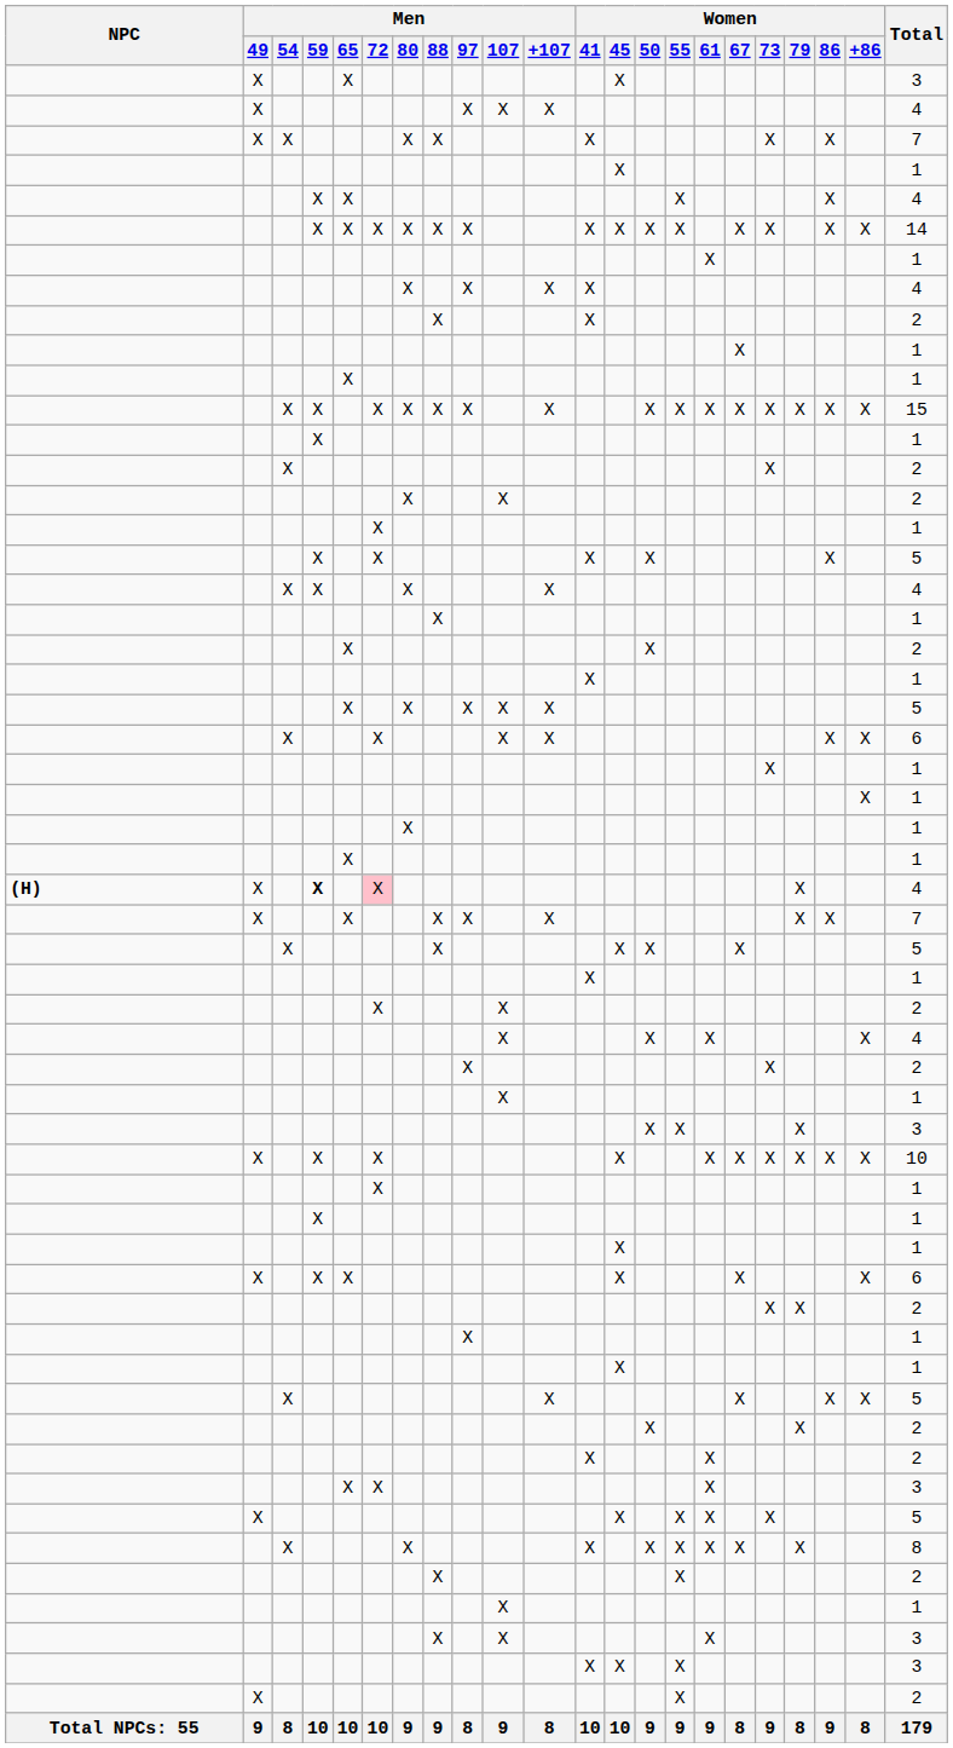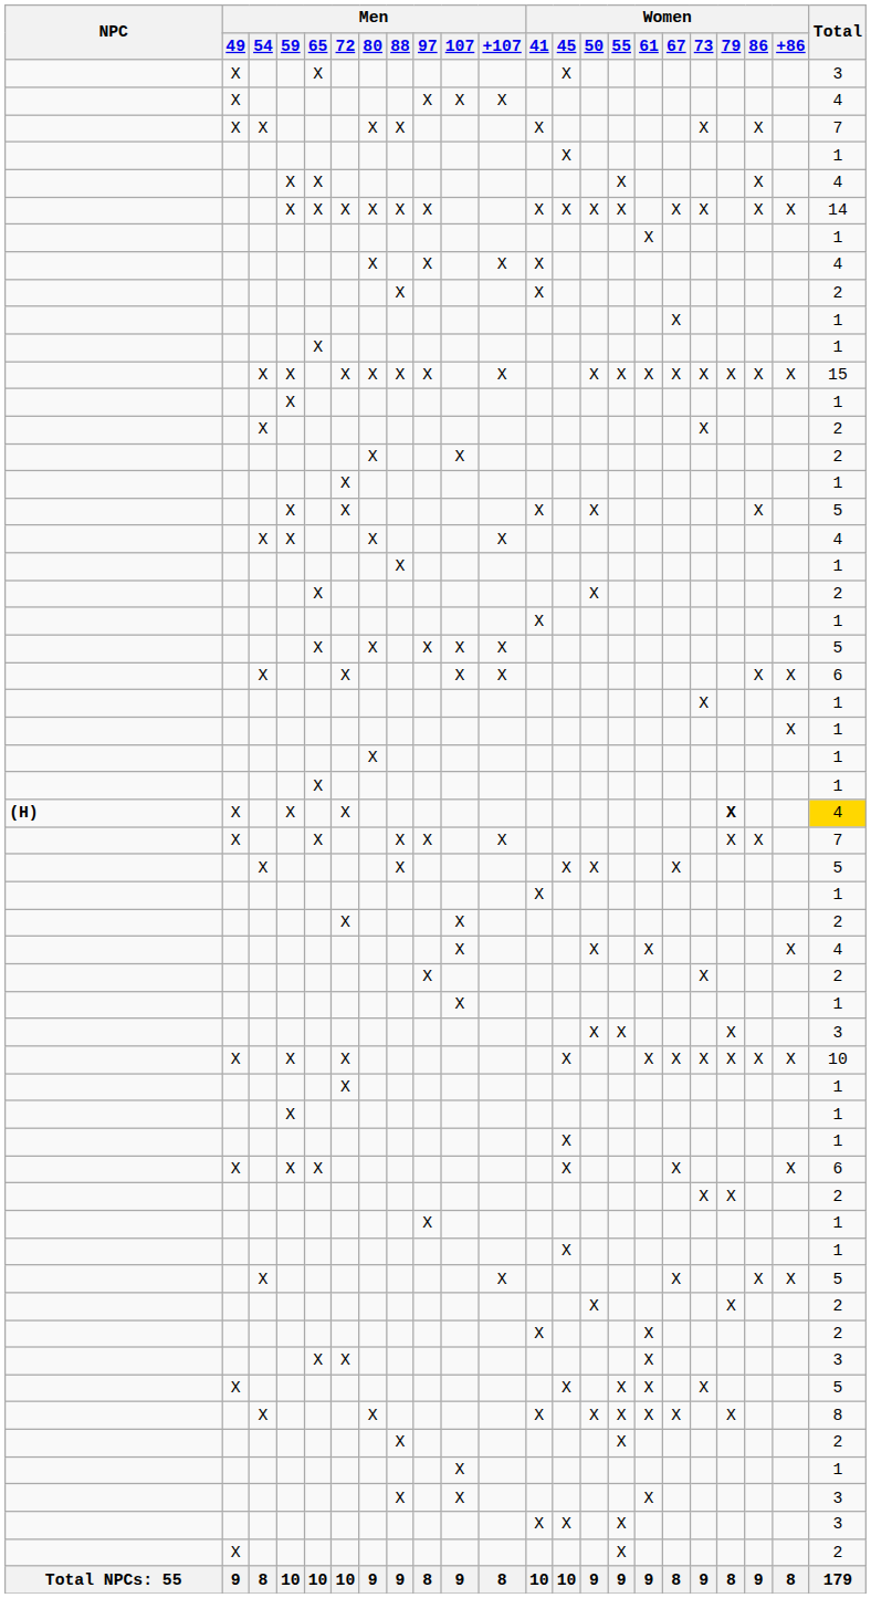 <table class="sortable wikitable" style="font-size:90%; text-align:center">
 <tr>
 <th rowspan="2" width="150">NPC</th>
 <th colspan="10">Men</th>
 <th colspan="10">Women</th>
 <th rowspan="2">Total</th>
 </tr>
 <tr>
 <th><a href='#'>49</a></th>
 <th><a href='#'>54</a></th>
 <th><a href='#'>59</a></th>
 <th><a href='#'>65</a></th>
 <th><a href='#'>72</a></th>
 <th><a href='#'>80</a></th>
 <th><a href='#'>88</a></th>
 <th><a href='#'>97</a></th>
 <th><a href='#'>107</a></th>
 <th><a href='#'>+107</a></th>
 <th><a href='#'>41</a></th>
 <th><a href='#'>45</a></th>
 <th><a href='#'>50</a></th>
 <th><a href='#'>55</a></th>
 <th><a href='#'>61</a></th>
 <th><a href='#'>67</a></th>
 <th><a href='#'>73</a></th>
 <th><a href='#'>79</a></th>
 <th><a href='#'>86</a></th>
 <th><a href='#'>+86</a></th>
 </tr>
 <tr>
 <td align="left"></td>
 <td>X</td>
 <td></td>
 <td></td>
 <td>X</td>
 <td></td>
 <td></td>
 <td></td>
 <td></td>
 <td></td>
 <td></td>
 <td></td>
 <td>X</td>
 <td></td>
 <td></td>
 <td></td>
 <td></td>
 <td></td>
 <td></td>
 <td></td>
 <td></td>
 <td>3</td>
 </tr>
 <tr>
 <td align="left"></td>
 <td>X</td>
 <td></td>
 <td></td>
 <td></td>
 <td></td>
 <td></td>
 <td></td>
 <td>X</td>
 <td>X</td>
 <td>X</td>
 <td></td>
 <td></td>
 <td></td>
 <td></td>
 <td></td>
 <td></td>
 <td></td>
 <td></td>
 <td></td>
 <td></td>
 <td>4</td>
 </tr>
 <tr>
 <td align="left"></td>
 <td>X</td>
 <td>X</td>
 <td></td>
 <td></td>
 <td></td>
 <td>X</td>
 <td>X</td>
 <td></td>
 <td></td>
 <td></td>
 <td>X</td>
 <td></td>
 <td></td>
 <td></td>
 <td></td>
 <td></td>
 <td>X</td>
 <td></td>
 <td>X</td>
 <td></td>
 <td>7</td>
 </tr>
 <tr>
 <td align="left"></td>
 <td></td>
 <td></td>
 <td></td>
 <td></td>
 <td></td>
 <td></td>
 <td></td>
 <td></td>
 <td></td>
 <td></td>
 <td></td>
 <td>X</td>
 <td></td>
 <td></td>
 <td></td>
 <td></td>
 <td></td>
 <td></td>
 <td></td>
 <td></td>
 <td>1</td>
 </tr>
 <tr>
 <td align="left"></td>
 <td></td>
 <td></td>
 <td>X</td>
 <td>X</td>
 <td></td>
 <td></td>
 <td></td>
 <td></td>
 <td></td>
 <td></td>
 <td></td>
 <td></td>
 <td></td>
 <td>X</td>
 <td></td>
 <td></td>
 <td></td>
 <td></td>
 <td>X</td>
 <td></td>
 <td>4</td>
 </tr>
 <tr>
 <td align="left"></td>
 <td></td>
 <td></td>
 <td>X</td>
 <td>X</td>
 <td>X</td>
 <td>X</td>
 <td>X</td>
 <td>X</td>
 <td></td>
 <td></td>
 <td>X</td>
 <td>X</td>
 <td>X</td>
 <td>X</td>
 <td></td>
 <td>X</td>
 <td>X</td>
 <td></td>
 <td>X</td>
 <td>X</td>
 <td>14</td>
 </tr>
 <tr>
 <td align="left"></td>
 <td></td>
 <td></td>
 <td></td>
 <td></td>
 <td></td>
 <td></td>
 <td></td>
 <td></td>
 <td></td>
 <td></td>
 <td></td>
 <td></td>
 <td></td>
 <td></td>
 <td>X</td>
 <td></td>
 <td></td>
 <td></td>
 <td></td>
 <td></td>
 <td>1</td>
 </tr>
 <tr>
 <td align="left"></td>
 <td></td>
 <td></td>
 <td></td>
 <td></td>
 <td></td>
 <td>X</td>
 <td></td>
 <td>X</td>
 <td></td>
 <td>X</td>
 <td>X</td>
 <td></td>
 <td></td>
 <td></td>
 <td></td>
 <td></td>
 <td></td>
 <td></td>
 <td></td>
 <td></td>
 <td>4</td>
 </tr>
 <tr>
 <td align="left"></td>
 <td></td>
 <td></td>
 <td></td>
 <td></td>
 <td></td>
 <td></td>
 <td>X</td>
 <td></td>
 <td></td>
 <td></td>
 <td>X</td>
 <td></td>
 <td></td>
 <td></td>
 <td></td>
 <td></td>
 <td></td>
 <td></td>
 <td></td>
 <td></td>
 <td>2</td>
 </tr>
 <tr>
 <td align="left"></td>
 <td></td>
 <td></td>
 <td></td>
 <td></td>
 <td></td>
 <td></td>
 <td></td>
 <td></td>
 <td></td>
 <td></td>
 <td></td>
 <td></td>
 <td></td>
 <td></td>
 <td></td>
 <td>X</td>
 <td></td>
 <td></td>
 <td></td>
 <td></td>
 <td>1</td>
 </tr>
 <tr>
 <td align="left"></td>
 <td></td>
 <td></td>
 <td></td>
 <td>X</td>
 <td></td>
 <td></td>
 <td></td>
 <td></td>
 <td></td>
 <td></td>
 <td></td>
 <td></td>
 <td></td>
 <td></td>
 <td></td>
 <td></td>
 <td></td>
 <td></td>
 <td></td>
 <td></td>
 <td>1</td>
 </tr>
 <tr>
 <td align="left"></td>
 <td></td>
 <td>X</td>
 <td>X</td>
 <td></td>
 <td>X</td>
 <td>X</td>
 <td>X</td>
 <td>X</td>
 <td></td>
 <td>X</td>
 <td></td>
 <td></td>
 <td>X</td>
 <td>X</td>
 <td>X</td>
 <td>X</td>
 <td>X</td>
 <td>X</td>
 <td>X</td>
 <td>X</td>
 <td>15</td>
 </tr>
 <tr>
 <td align="left"></td>
 <td></td>
 <td></td>
 <td>X</td>
 <td></td>
 <td></td>
 <td></td>
 <td></td>
 <td></td>
 <td></td>
 <td></td>
 <td></td>
 <td></td>
 <td></td>
 <td></td>
 <td></td>
 <td></td>
 <td></td>
 <td></td>
 <td></td>
 <td></td>
 <td>1</td>
 </tr>
 <tr>
 <td align="left"></td>
 <td></td>
 <td>X</td>
 <td></td>
 <td></td>
 <td></td>
 <td></td>
 <td></td>
 <td></td>
 <td></td>
 <td></td>
 <td></td>
 <td></td>
 <td></td>
 <td></td>
 <td></td>
 <td></td>
 <td>X</td>
 <td></td>
 <td></td>
 <td></td>
 <td>2</td>
 </tr>
 <tr>
 <td align="left"></td>
 <td></td>
 <td></td>
 <td></td>
 <td></td>
 <td></td>
 <td>X</td>
 <td></td>
 <td></td>
 <td>X</td>
 <td></td>
 <td></td>
 <td></td>
 <td></td>
 <td></td>
 <td></td>
 <td></td>
 <td></td>
 <td></td>
 <td></td>
 <td></td>
 <td>2</td>
 </tr>
 <tr>
 <td align="left"></td>
 <td></td>
 <td></td>
 <td></td>
 <td></td>
 <td>X</td>
 <td></td>
 <td></td>
 <td></td>
 <td></td>
 <td></td>
 <td></td>
 <td></td>
 <td></td>
 <td></td>
 <td></td>
 <td></td>
 <td></td>
 <td></td>
 <td></td>
 <td></td>
 <td>1</td>
 </tr>
 <tr>
 <td align="left"></td>
 <td></td>
 <td></td>
 <td>X</td>
 <td></td>
 <td>X</td>
 <td></td>
 <td></td>
 <td></td>
 <td></td>
 <td></td>
 <td>X</td>
 <td></td>
 <td>X</td>
 <td></td>
 <td></td>
 <td></td>
 <td></td>
 <td></td>
 <td>X</td>
 <td></td>
 <td>5</td>
 </tr>
 <tr>
 <td align="left"></td>
 <td></td>
 <td>X</td>
 <td>X</td>
 <td></td>
 <td></td>
 <td>X</td>
 <td></td>
 <td></td>
 <td></td>
 <td>X</td>
 <td></td>
 <td></td>
 <td></td>
 <td></td>
 <td></td>
 <td></td>
 <td></td>
 <td></td>
 <td></td>
 <td></td>
 <td>4</td>
 </tr>
 <tr>
 <td align="left"></td>
 <td></td>
 <td></td>
 <td></td>
 <td></td>
 <td></td>
 <td></td>
 <td>X</td>
 <td></td>
 <td></td>
 <td></td>
 <td></td>
 <td></td>
 <td></td>
 <td></td>
 <td></td>
 <td></td>
 <td></td>
 <td></td>
 <td></td>
 <td></td>
 <td>1</td>
 </tr>
 <tr>
 <td align="left"></td>
 <td></td>
 <td></td>
 <td></td>
 <td>X</td>
 <td></td>
 <td></td>
 <td></td>
 <td></td>
 <td></td>
 <td></td>
 <td></td>
 <td></td>
 <td>X</td>
 <td></td>
 <td></td>
 <td></td>
 <td></td>
 <td></td>
 <td></td>
 <td></td>
 <td>2</td>
 </tr>
 <tr>
 <td align="left"></td>
 <td></td>
 <td></td>
 <td></td>
 <td></td>
 <td></td>
 <td></td>
 <td></td>
 <td></td>
 <td></td>
 <td></td>
 <td>X</td>
 <td></td>
 <td></td>
 <td></td>
 <td></td>
 <td></td>
 <td></td>
 <td></td>
 <td></td>
 <td></td>
 <td>1</td>
 </tr>
 <tr>
 <td align="left"></td>
 <td></td>
 <td></td>
 <td></td>
 <td>X</td>
 <td></td>
 <td>X</td>
 <td></td>
 <td>X</td>
 <td>X</td>
 <td>X</td>
 <td></td>
 <td></td>
 <td></td>
 <td></td>
 <td></td>
 <td></td>
 <td></td>
 <td></td>
 <td></td>
 <td></td>
 <td>5</td>
 </tr>
 <tr>
 <td align="left"></td>
 <td></td>
 <td>X</td>
 <td></td>
 <td></td>
 <td>X</td>
 <td></td>
 <td></td>
 <td></td>
 <td>X</td>
 <td>X</td>
 <td></td>
 <td></td>
 <td></td>
 <td></td>
 <td></td>
 <td></td>
 <td></td>
 <td></td>
 <td>X</td>
 <td>X</td>
 <td>6</td>
 </tr>
 <tr>
 <td align="left"></td>
 <td></td>
 <td></td>
 <td></td>
 <td></td>
 <td></td>
 <td></td>
 <td></td>
 <td></td>
 <td></td>
 <td></td>
 <td></td>
 <td></td>
 <td></td>
 <td></td>
 <td></td>
 <td></td>
 <td>X</td>
 <td></td>
 <td></td>
 <td></td>
 <td>1</td>
 </tr>
 <tr>
 <td align="left"></td>
 <td></td>
 <td></td>
 <td></td>
 <td></td>
 <td></td>
 <td></td>
 <td></td>
 <td></td>
 <td></td>
 <td></td>
 <td></td>
 <td></td>
 <td></td>
 <td></td>
 <td></td>
 <td></td>
 <td></td>
 <td></td>
 <td></td>
 <td>X</td>
 <td>1</td>
 </tr>
 <tr>
 <td align="left"></td>
 <td></td>
 <td></td>
 <td></td>
 <td></td>
 <td></td>
 <td>X</td>
 <td></td>
 <td></td>
 <td></td>
 <td></td>
 <td></td>
 <td></td>
 <td></td>
 <td></td>
 <td></td>
 <td></td>
 <td></td>
 <td></td>
 <td></td>
 <td></td>
 <td>1</td>
 </tr>
 <tr>
 <td align="left"></td>
 <td></td>
 <td></td>
 <td></td>
 <td>X</td>
 <td></td>
 <td></td>
 <td></td>
 <td></td>
 <td></td>
 <td></td>
 <td></td>
 <td></td>
 <td></td>
 <td></td>
 <td></td>
 <td></td>
 <td></td>
 <td></td>
 <td></td>
 <td></td>
 <td>1</td>
 </tr>
 <tr>
 <td align="left"> <strong>(H)</strong></td>
 <td>X</td>
 <td></td>
-<td><strong>X</strong></td>
+<td>X</td>
 <td></td>
-<td style="background: pink;">X</td>
+<td>X</td>
 <td></td>
 <td></td>
 <td></td>
 <td></td>
 <td></td>
 <td></td>
 <td></td>
 <td></td>
 <td></td>
 <td></td>
 <td></td>
 <td></td>
-<td>X</td>
+<td><strong>X</strong></td>
 <td></td>
 <td></td>
-<td>4</td>
+<td style="background: gold;">4</td>
 </tr>
 <tr>
 <td align="left"></td>
 <td>X</td>
 <td></td>
 <td></td>
 <td>X</td>
 <td></td>
 <td></td>
 <td>X</td>
 <td>X</td>
 <td></td>
 <td>X</td>
 <td></td>
 <td></td>
 <td></td>
 <td></td>
 <td></td>
 <td></td>
 <td></td>
 <td>X</td>
 <td>X</td>
 <td></td>
 <td>7</td>
 </tr>
 <tr>
 <td align="left"></td>
 <td></td>
 <td>X</td>
 <td></td>
 <td></td>
 <td></td>
 <td></td>
 <td>X</td>
 <td></td>
 <td></td>
 <td></td>
 <td></td>
 <td>X</td>
 <td>X</td>
 <td></td>
 <td></td>
 <td>X</td>
 <td></td>
 <td></td>
 <td></td>
 <td></td>
 <td>5</td>
 </tr>
 <tr>
 <td align="left"></td>
 <td></td>
 <td></td>
 <td></td>
 <td></td>
 <td></td>
 <td></td>
 <td></td>
 <td></td>
 <td></td>
 <td></td>
 <td>X</td>
 <td></td>
 <td></td>
 <td></td>
 <td></td>
 <td></td>
 <td></td>
 <td></td>
 <td></td>
 <td></td>
 <td>1</td>
 </tr>
 <tr>
 <td align="left"></td>
 <td></td>
 <td></td>
 <td></td>
 <td></td>
 <td>X</td>
 <td></td>
 <td></td>
 <td></td>
 <td>X</td>
 <td></td>
 <td></td>
 <td></td>
 <td></td>
 <td></td>
 <td></td>
 <td></td>
 <td></td>
 <td></td>
 <td></td>
 <td></td>
 <td>2</td>
 </tr>
 <tr>
 <td align="left"></td>
 <td></td>
 <td></td>
 <td></td>
 <td></td>
 <td></td>
 <td></td>
 <td></td>
 <td></td>
 <td>X</td>
 <td></td>
 <td></td>
 <td></td>
 <td>X</td>
 <td></td>
 <td>X</td>
 <td></td>
 <td></td>
 <td></td>
 <td></td>
 <td>X</td>
 <td>4</td>
 </tr>
 <tr>
 <td align="left"></td>
 <td></td>
 <td></td>
 <td></td>
 <td></td>
 <td></td>
 <td></td>
 <td></td>
 <td>X</td>
 <td></td>
 <td></td>
 <td></td>
 <td></td>
 <td></td>
 <td></td>
 <td></td>
 <td></td>
 <td>X</td>
 <td></td>
 <td></td>
 <td></td>
 <td>2</td>
 </tr>
 <tr>
 <td align="left"></td>
 <td></td>
 <td></td>
 <td></td>
 <td></td>
 <td></td>
 <td></td>
 <td></td>
 <td></td>
 <td>X</td>
 <td></td>
 <td></td>
 <td></td>
 <td></td>
 <td></td>
 <td></td>
 <td></td>
 <td></td>
 <td></td>
 <td></td>
 <td></td>
 <td>1</td>
 </tr>
 <tr>
 <td align="left"></td>
 <td></td>
 <td></td>
 <td></td>
 <td></td>
 <td></td>
 <td></td>
 <td></td>
 <td></td>
 <td></td>
 <td></td>
 <td></td>
 <td></td>
 <td>X</td>
 <td>X</td>
 <td></td>
 <td></td>
 <td></td>
 <td>X</td>
 <td></td>
 <td></td>
 <td>3</td>
 </tr>
 <tr>
 <td align="left"></td>
 <td>X</td>
 <td></td>
 <td>X</td>
 <td></td>
 <td>X</td>
 <td></td>
 <td></td>
 <td></td>
 <td></td>
 <td></td>
 <td></td>
 <td>X</td>
 <td></td>
 <td></td>
 <td>X</td>
 <td>X</td>
 <td>X</td>
 <td>X</td>
 <td>X</td>
 <td>X</td>
 <td>10</td>
 </tr>
 <tr>
 <td align="left"></td>
 <td></td>
 <td></td>
 <td></td>
 <td></td>
 <td>X</td>
 <td></td>
 <td></td>
 <td></td>
 <td></td>
 <td></td>
 <td></td>
 <td></td>
 <td></td>
 <td></td>
 <td></td>
 <td></td>
 <td></td>
 <td></td>
 <td></td>
 <td></td>
 <td>1</td>
 </tr>
 <tr>
 <td align="left"></td>
 <td></td>
 <td></td>
 <td>X</td>
 <td></td>
 <td></td>
 <td></td>
 <td></td>
 <td></td>
 <td></td>
 <td></td>
 <td></td>
 <td></td>
 <td></td>
 <td></td>
 <td></td>
 <td></td>
 <td></td>
 <td></td>
 <td></td>
 <td></td>
 <td>1</td>
 </tr>
 <tr>
 <td align="left"></td>
 <td></td>
 <td></td>
 <td></td>
 <td></td>
 <td></td>
 <td></td>
 <td></td>
 <td></td>
 <td></td>
 <td></td>
 <td></td>
 <td>X</td>
 <td></td>
 <td></td>
 <td></td>
 <td></td>
 <td></td>
 <td></td>
 <td></td>
 <td></td>
 <td>1</td>
 </tr>
 <tr>
 <td align="left"></td>
 <td>X</td>
 <td></td>
 <td>X</td>
 <td>X</td>
 <td></td>
 <td></td>
 <td></td>
 <td></td>
 <td></td>
 <td></td>
 <td></td>
 <td>X</td>
 <td></td>
 <td></td>
 <td></td>
 <td>X</td>
 <td></td>
 <td></td>
 <td></td>
 <td>X</td>
 <td>6</td>
 </tr>
 <tr>
 <td align="left"></td>
 <td></td>
 <td></td>
 <td></td>
 <td></td>
 <td></td>
 <td></td>
 <td></td>
 <td></td>
 <td></td>
 <td></td>
 <td></td>
 <td></td>
 <td></td>
 <td></td>
 <td></td>
 <td></td>
 <td>X</td>
 <td>X</td>
 <td></td>
 <td></td>
 <td>2</td>
 </tr>
 <tr>
 <td align="left"></td>
 <td></td>
 <td></td>
 <td></td>
 <td></td>
 <td></td>
 <td></td>
 <td></td>
 <td>X</td>
 <td></td>
 <td></td>
 <td></td>
 <td></td>
 <td></td>
 <td></td>
 <td></td>
 <td></td>
 <td></td>
 <td></td>
 <td></td>
 <td></td>
 <td>1</td>
 </tr>
 <tr>
 <td align="left"></td>
 <td></td>
 <td></td>
 <td></td>
 <td></td>
 <td></td>
 <td></td>
 <td></td>
 <td></td>
 <td></td>
 <td></td>
 <td></td>
 <td>X</td>
 <td></td>
 <td></td>
 <td></td>
 <td></td>
 <td></td>
 <td></td>
 <td></td>
 <td></td>
 <td>1</td>
 </tr>
 <tr>
 <td align="left"></td>
 <td></td>
 <td>X</td>
 <td></td>
 <td></td>
 <td></td>
 <td></td>
 <td></td>
 <td></td>
 <td></td>
 <td>X</td>
 <td></td>
 <td></td>
 <td></td>
 <td></td>
 <td></td>
 <td>X</td>
 <td></td>
 <td></td>
 <td>X</td>
 <td>X</td>
 <td>5</td>
 </tr>
 <tr>
 <td align="left"></td>
 <td></td>
 <td></td>
 <td></td>
 <td></td>
 <td></td>
 <td></td>
 <td></td>
 <td></td>
 <td></td>
 <td></td>
 <td></td>
 <td></td>
 <td>X</td>
 <td></td>
 <td></td>
 <td></td>
 <td></td>
 <td>X</td>
 <td></td>
 <td></td>
 <td>2</td>
 </tr>
 <tr>
 <td align="left"></td>
 <td></td>
 <td></td>
 <td></td>
 <td></td>
 <td></td>
 <td></td>
 <td></td>
 <td></td>
 <td></td>
 <td></td>
 <td>X</td>
 <td></td>
 <td></td>
 <td></td>
 <td>X</td>
 <td></td>
 <td></td>
 <td></td>
 <td></td>
 <td></td>
 <td>2</td>
 </tr>
 <tr>
 <td align="left"></td>
 <td></td>
 <td></td>
 <td></td>
 <td>X</td>
 <td>X</td>
 <td></td>
 <td></td>
 <td></td>
 <td></td>
 <td></td>
 <td></td>
 <td></td>
 <td></td>
 <td></td>
 <td>X</td>
 <td></td>
 <td></td>
 <td></td>
 <td></td>
 <td></td>
 <td>3</td>
 </tr>
 <tr>
 <td align="left"></td>
 <td>X</td>
 <td></td>
 <td></td>
 <td></td>
 <td></td>
 <td></td>
 <td></td>
 <td></td>
 <td></td>
 <td></td>
 <td></td>
 <td>X</td>
 <td></td>
 <td>X</td>
 <td>X</td>
 <td></td>
 <td>X</td>
 <td></td>
 <td></td>
 <td></td>
 <td>5</td>
 </tr>
 <tr>
 <td align="left"></td>
 <td></td>
 <td>X</td>
 <td></td>
 <td></td>
 <td></td>
 <td>X</td>
 <td></td>
 <td></td>
 <td></td>
 <td></td>
 <td>X</td>
 <td></td>
 <td>X</td>
 <td>X</td>
 <td>X</td>
 <td>X</td>
 <td></td>
 <td>X</td>
 <td></td>
 <td></td>
 <td>8</td>
 </tr>
 <tr>
 <td align="left"></td>
 <td></td>
 <td></td>
 <td></td>
 <td></td>
 <td></td>
 <td></td>
 <td>X</td>
 <td></td>
 <td></td>
 <td></td>
 <td></td>
 <td></td>
 <td></td>
 <td>X</td>
 <td></td>
 <td></td>
 <td></td>
 <td></td>
 <td></td>
 <td></td>
 <td>2</td>
 </tr>
 <tr>
 <td align="left"></td>
 <td></td>
 <td></td>
 <td></td>
 <td></td>
 <td></td>
 <td></td>
 <td></td>
 <td></td>
 <td>X</td>
 <td></td>
 <td></td>
 <td></td>
 <td></td>
 <td></td>
 <td></td>
 <td></td>
 <td></td>
 <td></td>
 <td></td>
 <td></td>
 <td>1</td>
 </tr>
 <tr>
 <td align="left"></td>
 <td></td>
 <td></td>
 <td></td>
 <td></td>
 <td></td>
 <td></td>
 <td>X</td>
 <td></td>
 <td>X</td>
 <td></td>
 <td></td>
 <td></td>
 <td></td>
 <td></td>
 <td>X</td>
 <td></td>
 <td></td>
 <td></td>
 <td></td>
 <td></td>
 <td>3</td>
 </tr>
 <tr>
 <td align="left"></td>
 <td></td>
 <td></td>
 <td></td>
 <td></td>
 <td></td>
 <td></td>
 <td></td>
 <td></td>
 <td></td>
 <td></td>
 <td>X</td>
 <td>X</td>
 <td></td>
 <td>X</td>
 <td></td>
 <td></td>
 <td></td>
 <td></td>
 <td></td>
 <td></td>
 <td>3</td>
 </tr>
 <tr>
 <td align="left"></td>
 <td>X</td>
 <td></td>
 <td></td>
 <td></td>
 <td></td>
 <td></td>
 <td></td>
 <td></td>
 <td></td>
 <td></td>
 <td></td>
 <td></td>
 <td></td>
 <td>X</td>
 <td></td>
 <td></td>
 <td></td>
 <td></td>
 <td></td>
 <td></td>
 <td>2</td>
 </tr>
 <tr>
 <th>Total NPCs: 55</th>
 <th>9</th>
 <th>8</th>
 <th>10</th>
 <th>10</th>
 <th>10</th>
 <th>9</th>
 <th>9</th>
 <th>8</th>
 <th>9</th>
 <th>8</th>
 <th>10</th>
 <th>10</th>
 <th>9</th>
 <th>9</th>
 <th>9</th>
 <th>8</th>
 <th>9</th>
 <th>8</th>
 <th>9</th>
 <th>8</th>
 <th>179</th>
 </tr>
 </table>
